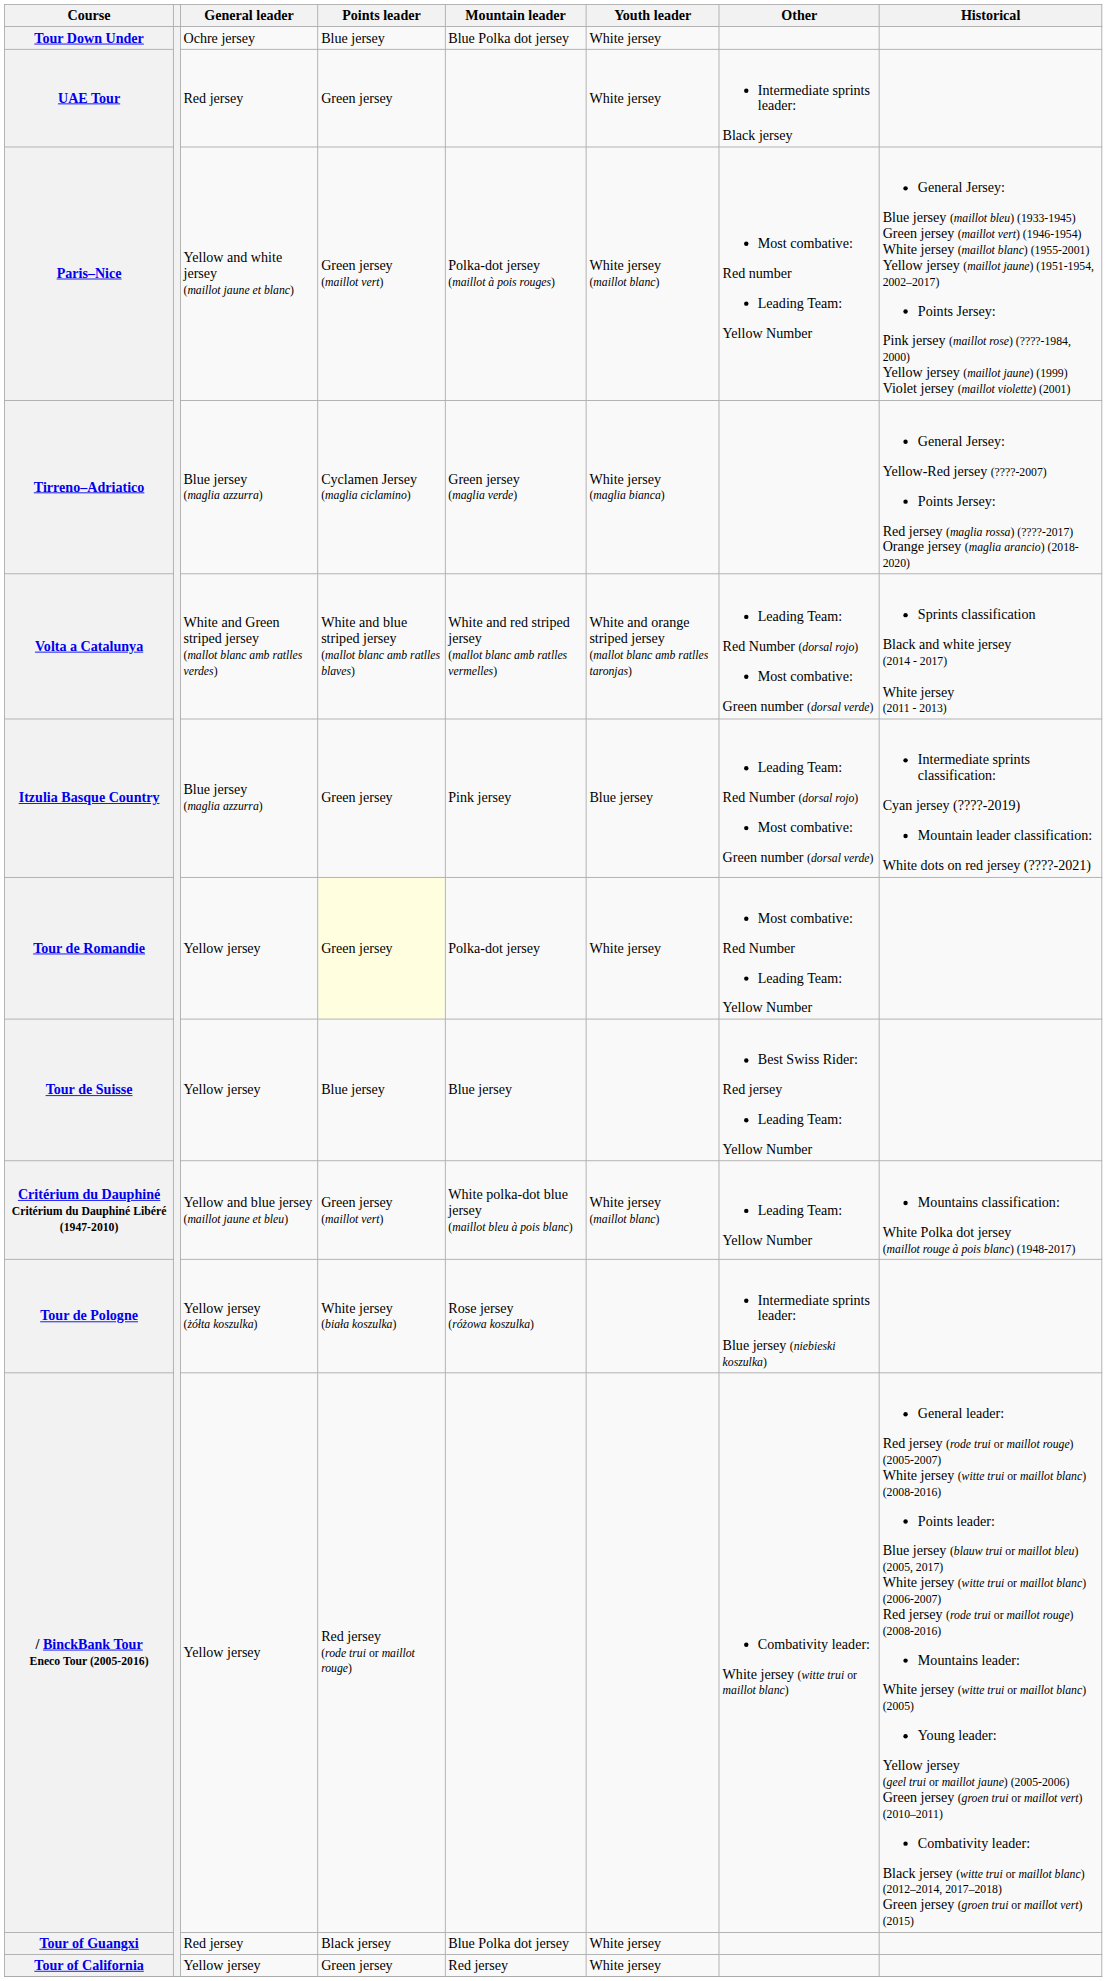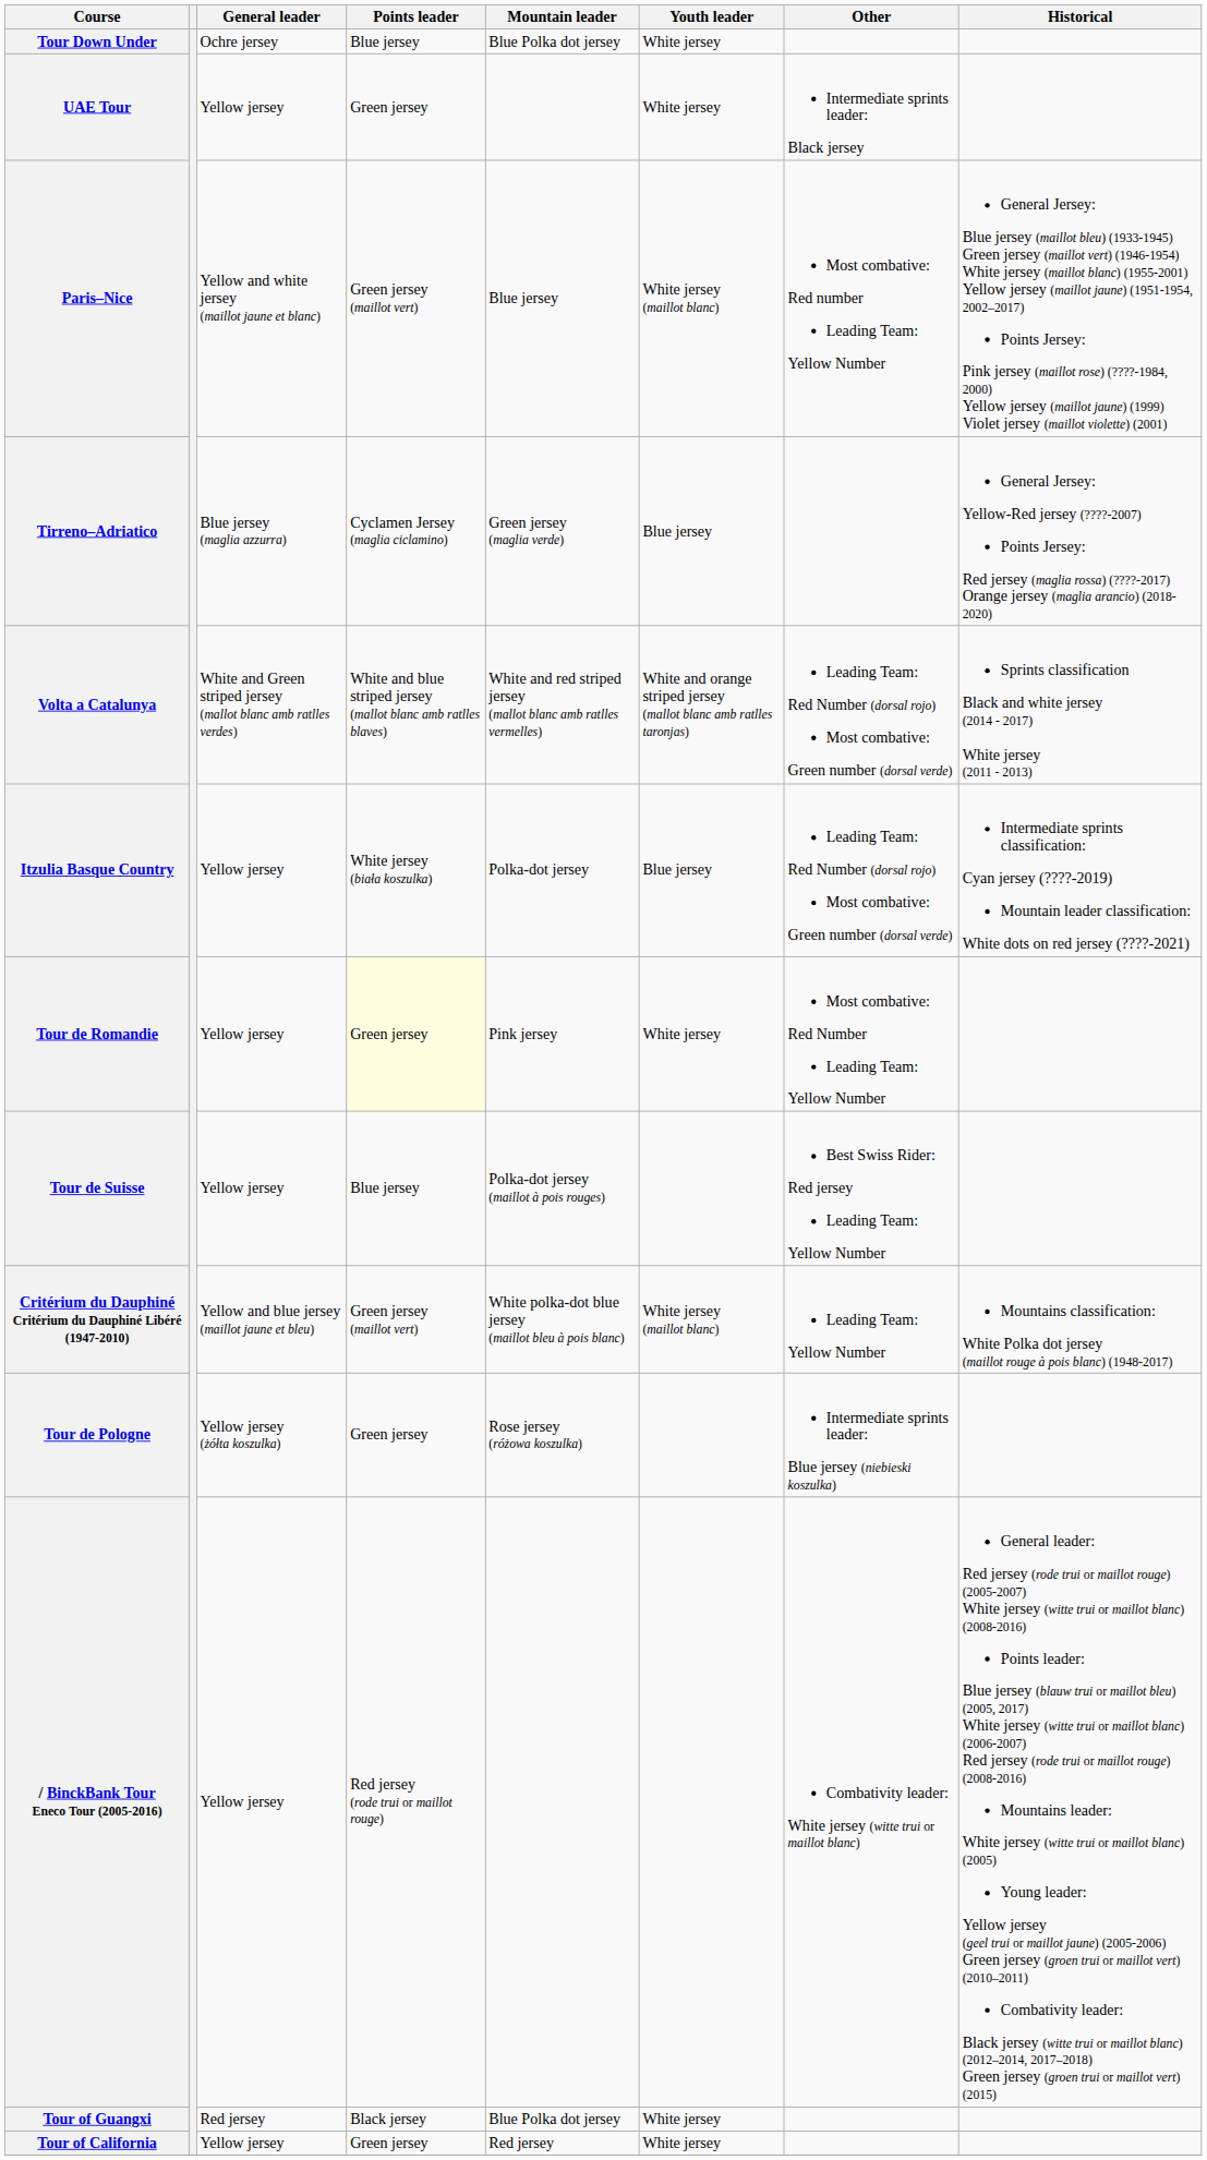 <table class="wikitable">
 <tr>
 <th width=185>Course</th>
 <th></th>
 <th>General leader</th>
 <th>Points leader</th>
 <th>Mountain leader</th>
 <th>Youth leader</th>
 <th>Other</th>
 <th scope="col">Historical</th>
 </tr>
 <tr>
 <th> <strong><a href='#'>Tour Down Under</a></strong></th>
 <th rowspan=13></th>
 <td> <div>Ochre jersey</div></td>
 <td> <div>Blue jersey</div></td>
 <td> <div>Blue Polka dot jersey</div></td>
 <td> <div>White jersey</div></td>
 <td></td>
 <td></td>
 </tr>
 <tr>
 <th> <strong><a href='#'>UAE Tour</a></strong></th>
-<td> <div>Red jersey</div></td>
+<td> <div>Yellow jersey</div></td>
 <td> <div>Green jersey</div></td>
 <td></td>
 <td> <div>White jersey</div></td>
 <td><br><ul><li>Intermediate sprints leader:</li></ul><div> Black jersey</div></td>
 <td></td>
 </tr>
 <tr>
 <th> <strong><a href='#'>Paris–Nice</a></strong></th>
 <td> <div>Yellow and white jersey <br><small>(<em>maillot jaune et blanc</em>)</small></div></td>
 <td> <div>Green jersey <br><small>(<em>maillot vert</em>)</small></div></td>
-<td> <div>Polka-dot jersey <br><small>(<em>maillot à pois rouges</em>)</small></div></td>
+<td> <div>Blue jersey</div></td>
 <td> <div>White jersey<br><small>(<em>maillot blanc</em>)</small></div></td>
 <td><br><ul><li>Most combative:</li></ul><div> Red number</div><ul><li>Leading Team:</li></ul><div> Yellow Number</div></td>
 <td><br><ul><li>General Jersey:</li></ul><div> Blue jersey <small>(<em>maillot bleu</em>) (1933-1945)</small></div> <div> Green jersey <small>(<em>maillot vert</em>) (1946-1954)</small></div> <div> White jersey <small>(<em>maillot blanc</em>) (1955-2001)</small></div> <div> Yellow jersey <small>(<em>maillot jaune</em>) (1951-1954, 2002–2017)</small></div><ul><li>Points Jersey:</li></ul><div> Pink jersey <small>(<em>maillot rose</em>) (????-1984, 2000)</small></div> <div> Yellow jersey <small>(<em>maillot jaune</em>) (1999)</small></div> <div> Violet jersey <small>(<em>maillot violette</em>) (2001)</small></div></td>
 </tr>
 <tr>
 <th> <strong><a href='#'>Tirreno–Adriatico</a></strong></th>
 <td> <div>Blue jersey<br><small>(<em>maglia azzurra</em>)</small></div></td>
 <td> <div>Cyclamen Jersey<br><small>(<em>maglia ciclamino</em>)</small></div></td>
 <td> <div>Green jersey <br><small>(<em>maglia verde</em>)</small></div></td>
-<td> <div>White jersey <br><small>(<em>maglia bianca</em>)</small></div></td>
+<td> <div>Blue jersey</div></td>
 <td></td>
 <td><br><ul><li>General Jersey:</li></ul><div> Yellow-Red jersey <small>(????-2007)</small></div><ul><li>Points Jersey:</li></ul><div> Red jersey <small>(<em>maglia rossa</em>) (????-2017)</small></div> <div> Orange jersey <small>(<em>maglia arancio</em>) (2018-2020)</small></div></td>
 </tr>
 <tr>
 <th> <strong><a href='#'>Volta a Catalunya</a></strong></th>
 <td> <div>White and Green striped jersey <br><small>(<em>mallot blanc amb ratlles verdes</em>)</small></div></td>
 <td> <div>White and blue striped jersey <br><small>(<em>mallot blanc amb ratlles blaves</em>)</small></div></td>
 <td> <div>White and red striped jersey <br><small>(<em>mallot blanc amb ratlles vermelles</em>)</small></div></td>
 <td> <div>White and orange striped jersey<br><small>(<em>mallot blanc amb ratlles taronjas</em>)</small></div></td>
 <td><br><ul><li>Leading Team:</li></ul><div> Red Number <small>(<em>dorsal rojo</em>)</small></div><ul><li>Most combative:</li></ul><div> Green number <small>(<em>dorsal verde</em>)</small></div></td>
 <td><br><ul><li>Sprints classification</li></ul><div>Black and white jersey<br><small>(2014 - 2017)</small></div><br><div>White jersey<br><small>(2011 - 2013)</small></div></td>
 </tr>
 <tr>
 <th> <strong><a href='#'>Itzulia Basque Country</a></strong></th>
-<td> <div>Blue jersey<br><small>(<em>maglia azzurra</em>)</small></div></td>
-<td> <div>Green jersey</div></td>
-<td> <div>Pink jersey</div></td>
+<td> <div>Yellow jersey</div></td>
+<td> <div>White jersey <br><small>(<em>biała koszulka</em>)</small></div></td>
+<td> <div>Polka-dot jersey</div></td>
 <td> <div>Blue jersey</div></td>
 <td><br><ul><li>Leading Team:</li></ul><div> Red Number <small>(<em>dorsal rojo</em>)</small></div><ul><li>Most combative:</li></ul><div> Green number <small>(<em>dorsal verde</em>)</small></div></td>
 <td><br><ul><li>Intermediate sprints classification:</li></ul><div> Cyan jersey (????-2019)</div><ul><li>Mountain leader classification:</li></ul><div> White dots on red jersey (????-2021)</div></td>
 </tr>
 <tr>
 <th> <strong><a href='#'>Tour de Romandie</a></strong></th>
 <td> <div>Yellow jersey</div></td>
 <td style="background: lightyellow;"> <div>Green jersey</div></td>
-<td> <div>Polka-dot jersey</div></td>
+<td> <div>Pink jersey</div></td>
 <td> <div>White jersey</div></td>
 <td><br><ul><li>Most combative:</li></ul><div> Red Number</div><ul><li>Leading Team:</li></ul><div> Yellow Number</div></td>
 <td></td>
 </tr>
 <tr>
 <th> <strong><a href='#'>Tour de Suisse</a></strong></th>
 <td> <div>Yellow jersey</div></td>
 <td> <div>Blue jersey</div></td>
-<td> <div>Blue jersey</div></td>
+<td> <div>Polka-dot jersey <br><small>(<em>maillot à pois rouges</em>)</small></div></td>
 <td></td>
 <td><br><ul><li>Best Swiss Rider:</li></ul><div> Red jersey</div><ul><li>Leading Team:</li></ul><div> Yellow Number</div></td>
 <td></td>
 </tr>
 <tr>
 <th> <strong><a href='#'>Critérium du Dauphiné</a></strong><br><small>Critérium du Dauphiné Libéré (1947-2010)</small></th>
 <td> <div>Yellow and blue jersey <br><small>(<em>maillot jaune et bleu</em>)</small></div></td>
 <td> <div>Green jersey <br><small>(<em>maillot vert</em>)</small></div></td>
 <td> <div>White polka-dot blue jersey <br><small>(<em>maillot bleu à pois blanc</em>)</small></div></td>
 <td> <div>White jersey <br><small>(<em>maillot blanc</em>)</small></div></td>
 <td><br><ul><li>Leading Team:</li></ul><div> Yellow Number</div></td>
 <td><br><ul><li>Mountains classification:</li></ul><div> White Polka dot jersey <br><small>(<em>maillot rouge à pois blanc</em>) (1948-2017)</small></div></td>
 </tr>
 <tr>
 <th> <strong><a href='#'>Tour de Pologne</a></strong></th>
 <td> <div>Yellow jersey <br><small>(<em>żółta koszulka</em>)</small></div></td>
-<td> <div>White jersey <br><small>(<em>biała koszulka</em>)</small></div></td>
+<td> <div>Green jersey</div></td>
 <td> <div>Rose jersey <br><small>(<em>różowa koszulka</em>)</small></div></td>
 <td></td>
 <td><br><ul><li>Intermediate sprints leader:</li></ul><div> Blue jersey <small>(<em>niebieski koszulka</em>)</small></div></td>
 <td></td>
 </tr>
 <tr>
 <th> /  <strong><a href='#'>BinckBank Tour</a></strong><br><small>Eneco Tour (2005-2016)</small></th>
 <td> <div>Yellow jersey</div></td>
 <td> <div>Red jersey<br><small>(<em>rode trui</em> or <em>maillot rouge</em>)</small></div></td>
 <td></td>
 <td></td>
 <td><br><ul><li>Combativity leader:</li></ul><div> White jersey <small>(<em>witte trui</em> or <em>maillot blanc</em>)</small></div></td>
 <td><br><ul><li>General leader:</li></ul><div> Red jersey <small>(<em>rode trui</em> or <em>maillot rouge</em>) (2005-2007)</small></div> <div> White jersey <small>(<em>witte trui</em> or <em>maillot blanc</em>) (2008-2016)</small></div><ul><li>Points leader:</li></ul><div> Blue jersey <small>(<em>blauw trui</em> or <em>maillot bleu</em>) (2005, 2017)</small></div> <div> White jersey <small>(<em>witte trui</em> or <em>maillot blanc</em>) (2006-2007)</small></div> <div> Red jersey <small>(<em>rode trui</em> or <em>maillot rouge</em>) (2008-2016)</small></div><ul><li>Mountains leader:</li></ul><div> White jersey <small>(<em>witte trui</em> or <em>maillot blanc</em>) (2005)</small></div><ul><li>Young leader:</li></ul><div> Yellow jersey <br><small>(<em>geel trui</em> or <em>maillot jaune</em>) (2005-2006)</small></div> <div> Green jersey <small>(<em>groen trui</em> or <em>maillot vert</em>) (2010–2011)</small></div><ul><li>Combativity leader:</li></ul><div> Black jersey <small>(<em>witte trui</em> or <em>maillot blanc</em>) (2012–2014, 2017–2018)</small></div> <div> Green jersey <small>(<em>groen trui</em> or <em>maillot vert</em>) (2015)</small></div></td>
 </tr>
 <tr>
 <th> <strong><a href='#'>Tour of Guangxi</a></strong></th>
 <td> <div>Red jersey</div></td>
 <td> <div>Black jersey</div></td>
 <td> <div>Blue Polka dot jersey</div></td>
 <td> <div>White jersey</div></td>
 <td></td>
 <td></td>
 </tr>
 <tr>
 <th> <strong><a href='#'>Tour of California</a></strong></th>
 <td> <div>Yellow jersey</div></td>
 <td> <div>Green jersey</div></td>
 <td> <div>Red jersey</div></td>
 <td> <div>White jersey</div></td>
 <td></td>
 <td></td>
 </tr>
 <tr>
 </tr>
 </table>
